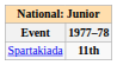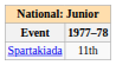 <table class="wikitable" style="text-align:center">
 <tr>
 <th style="background-color: #ffdead; " colspan=13 align=center><strong>National: Junior</strong></th>
 </tr>
 <tr>
 <th>Event</th>
 <th>1977–78</th>
 </tr>
 <tr>
 <td align=left><a href='#'>Spartakiada</a></td>
-<td><strong>11th</strong></td>
+<td>11th</td>
 </tr>
 </table>
